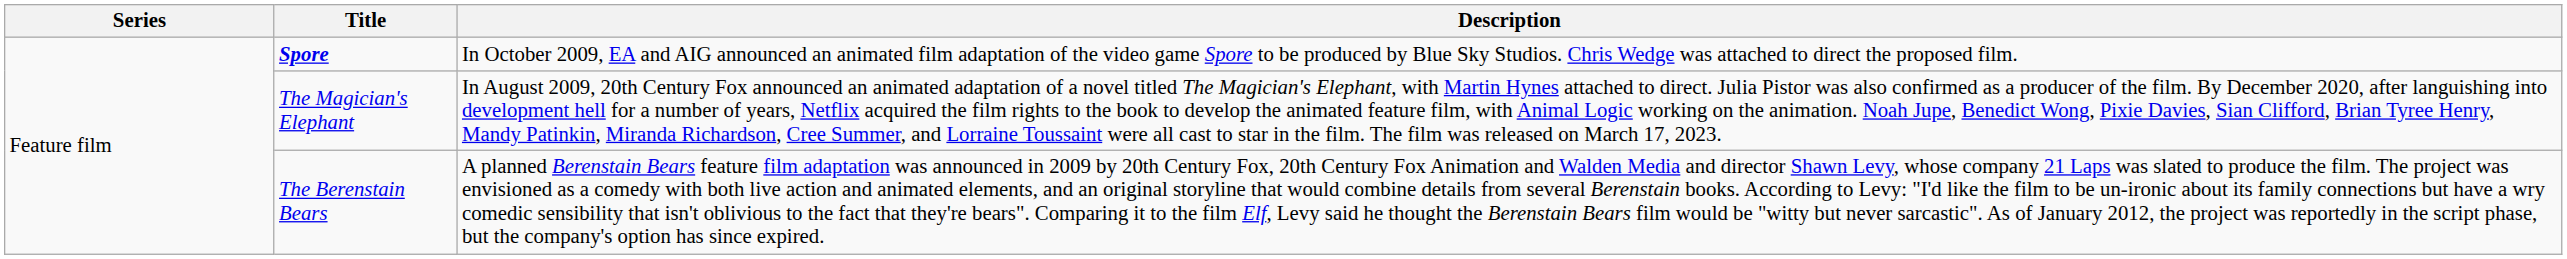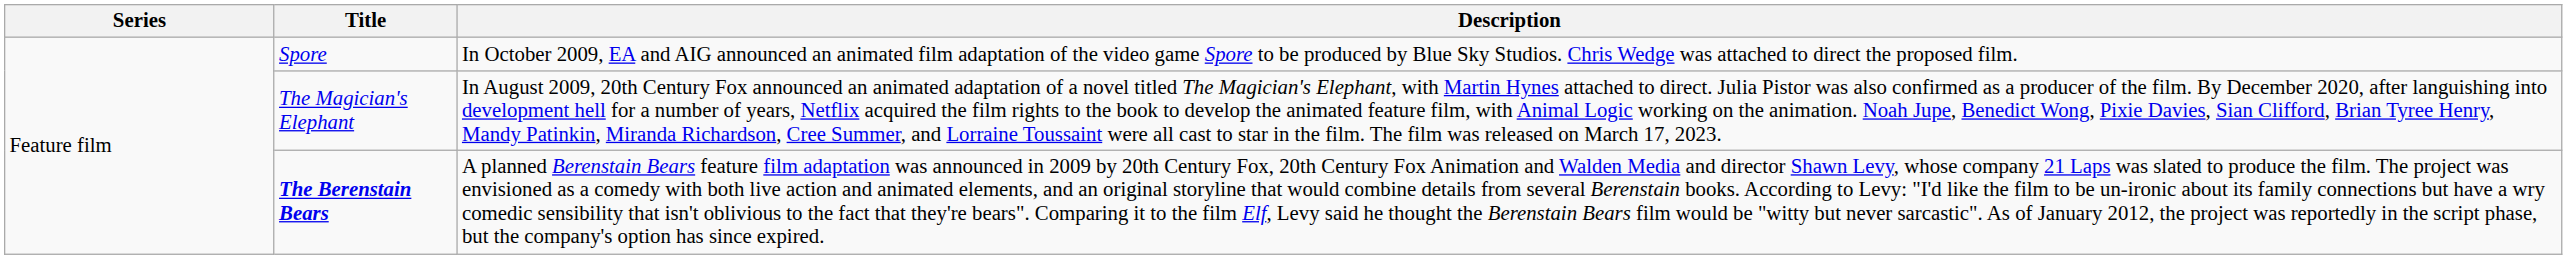 <table class="wikitable">
 <tr>
 <th style="width:150pt;">Series</th>
 <th style="width:100pt;">Title</th>
 <th>Description</th>
 </tr>
 <tr>
 <td rowspan="3">Feature film</td>
-<td><strong><em><a href='#'>Spore</a></em></strong></td>
+<td><em><a href='#'>Spore</a></em></td>
 <td>In October 2009, <a href='#'>EA</a> and AIG announced an animated film adaptation of the video game <em><a href='#'>Spore</a></em> to be produced by Blue Sky Studios. <a href='#'>Chris Wedge</a> was attached to direct the proposed film.</td>
 </tr>
 <tr>
 <td><em><a href='#'>The Magician's Elephant</a></em></td>
 <td>In August 2009, 20th Century Fox announced an animated adaptation of a novel titled <em>The Magician's Elephant</em>, with <a href='#'>Martin Hynes</a> attached to direct. Julia Pistor was also confirmed as a producer of the film. By December 2020, after languishing into <a href='#'>development hell</a> for a number of years, <a href='#'>Netflix</a> acquired the film rights to the book to develop the animated feature film, with <a href='#'>Animal Logic</a> working on the animation. <a href='#'>Noah Jupe</a>, <a href='#'>Benedict Wong</a>, <a href='#'>Pixie Davies</a>, <a href='#'>Sian Clifford</a>, <a href='#'>Brian Tyree Henry</a>, <a href='#'>Mandy Patinkin</a>, <a href='#'>Miranda Richardson</a>, <a href='#'>Cree Summer</a>, and <a href='#'>Lorraine Toussaint</a> were all cast to star in the film. The film was released on March 17, 2023.</td>
 </tr>
 <tr>
-<td><em><a href='#'>The Berenstain Bears</a></em></td>
+<td><strong><em><a href='#'>The Berenstain Bears</a></em></strong></td>
 <td>A planned <em><a href='#'>Berenstain Bears</a></em> feature <a href='#'>film adaptation</a> was announced in 2009 by 20th Century Fox, 20th Century Fox Animation and <a href='#'>Walden Media</a> and director <a href='#'>Shawn Levy</a>, whose company <a href='#'>21 Laps</a> was slated to produce the film. The project was envisioned as a comedy with both live action and animated elements, and an original storyline that would combine details from several <em>Berenstain</em> books. According to Levy: "I'd like the film to be un-ironic about its family connections but have a wry comedic sensibility that isn't oblivious to the fact that they're bears". Comparing it to the film <em><a href='#'>Elf</a></em>, Levy said he thought the <em>Berenstain Bears</em> film would be "witty but never sarcastic". As of January 2012, the project was reportedly in the script phase, but the company's option has since expired.</td>
 </tr>
 </table>
